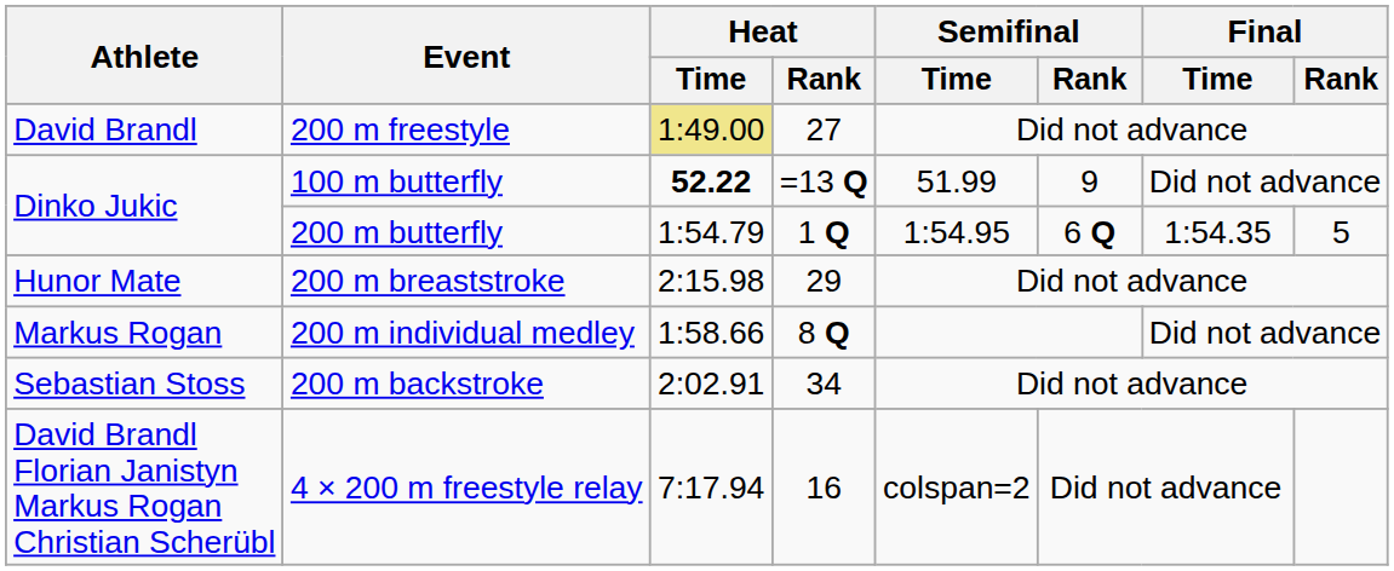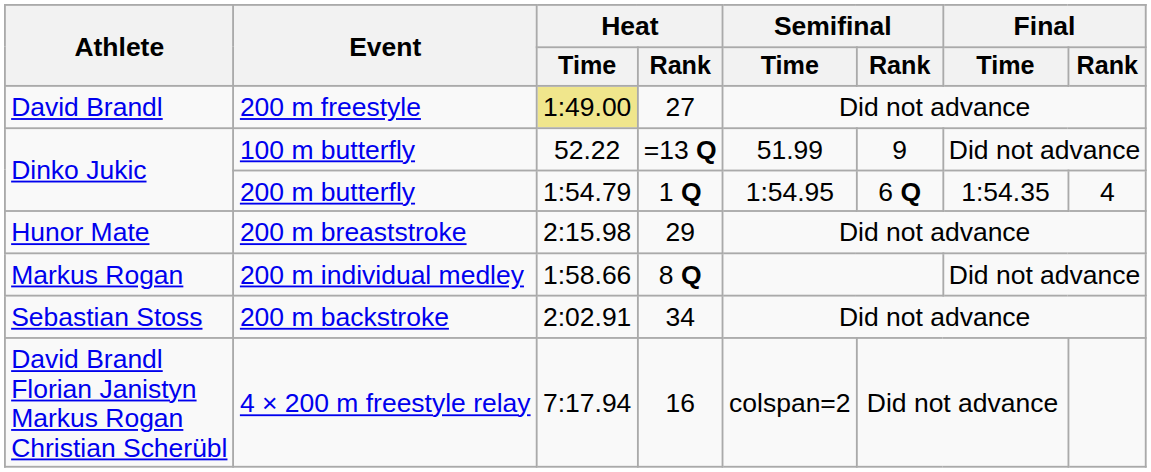 <table class=wikitable style="font-size:90%">
 <tr>
 <th rowspan="2">Athlete</th>
 <th rowspan="2">Event</th>
 <th colspan="2">Heat</th>
 <th colspan="2">Semifinal</th>
 <th colspan="2">Final</th>
 </tr>
 <tr style="font-size:95%">
 <th>Time</th>
 <th>Rank</th>
 <th>Time</th>
 <th>Rank</th>
 <th>Time</th>
 <th>Rank</th>
 </tr>
 <tr align=center>
 <td align=left><a href='#'>David Brandl</a></td>
 <td align=left><a href='#'>200 m freestyle</a></td>
 <td style="background: khaki;">1:49.00</td>
 <td>27</td>
 <td colspan=4>Did not advance</td>
 </tr>
 <tr align=center>
 <td align=left rowspan=2><a href='#'>Dinko Jukic</a></td>
 <td align=left><a href='#'>100 m butterfly</a></td>
-<td><strong>52.22</strong></td>
+<td>52.22</td>
 <td>=13 <strong>Q</strong></td>
 <td>51.99</td>
 <td>9</td>
 <td colspan=2>Did not advance</td>
 </tr>
 <tr align=center>
 <td align=left><a href='#'>200 m butterfly</a></td>
 <td>1:54.79</td>
 <td>1 <strong>Q</strong></td>
 <td>1:54.95</td>
 <td>6 <strong>Q</strong></td>
 <td>1:54.35</td>
-<td>5</td>
+<td>4</td>
 </tr>
 <tr align=center>
 <td align=left><a href='#'>Hunor Mate</a></td>
 <td align=left><a href='#'>200 m breaststroke</a></td>
 <td>2:15.98</td>
 <td>29</td>
 <td colspan=4>Did not advance</td>
 </tr>
 <tr align=center>
 <td align=left><a href='#'>Markus Rogan</a></td>
 <td align=left><a href='#'>200 m individual medley</a></td>
 <td>1:58.66</td>
 <td>8 <strong>Q</strong></td>
 <td colspan=2></td>
 <td colspan=2>Did not advance</td>
 </tr>
 <tr align=center>
 <td align=left><a href='#'>Sebastian Stoss</a></td>
 <td align=left><a href='#'>200 m backstroke</a></td>
 <td>2:02.91</td>
 <td>34</td>
 <td colspan=4>Did not advance</td>
 </tr>
 <tr align=center>
 <td align=left><a href='#'>David Brandl</a><br><a href='#'>Florian Janistyn</a><br><a href='#'>Markus Rogan</a><br><a href='#'>Christian Scherübl</a></td>
 <td align=left><a href='#'>4 × 200 m freestyle relay</a></td>
 <td>7:17.94</td>
 <td>16</td>
 <td>colspan=2 </td>
 <td colspan=2>Did not advance</td>
 </tr>
 </table>
